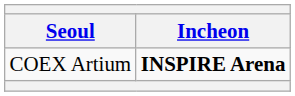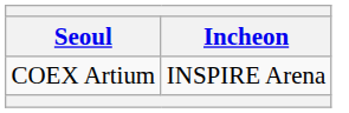 <table class="wikitable" style="text-align:center">
 <tr>
 <th colspan="2"></th>
 </tr>
 <tr>
 <th><a href='#'>Seoul</a></th>
 <th><a href='#'>Incheon</a></th>
 </tr>
 <tr>
 <td>COEX Artium</td>
-<td><strong>INSPIRE Arena</strong></td>
+<td>INSPIRE Arena</td>
 </tr>
 <tr>
 <th colspan="2"></th>
 </tr>
 </table>
